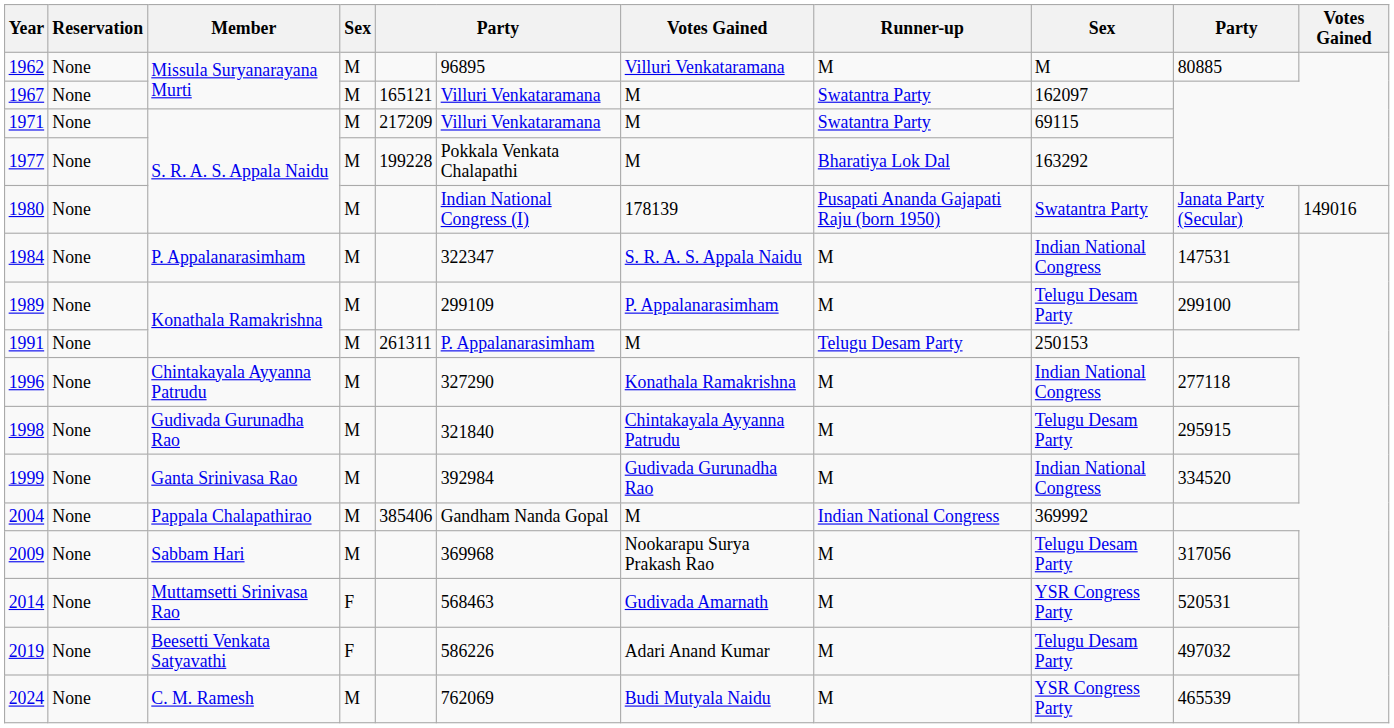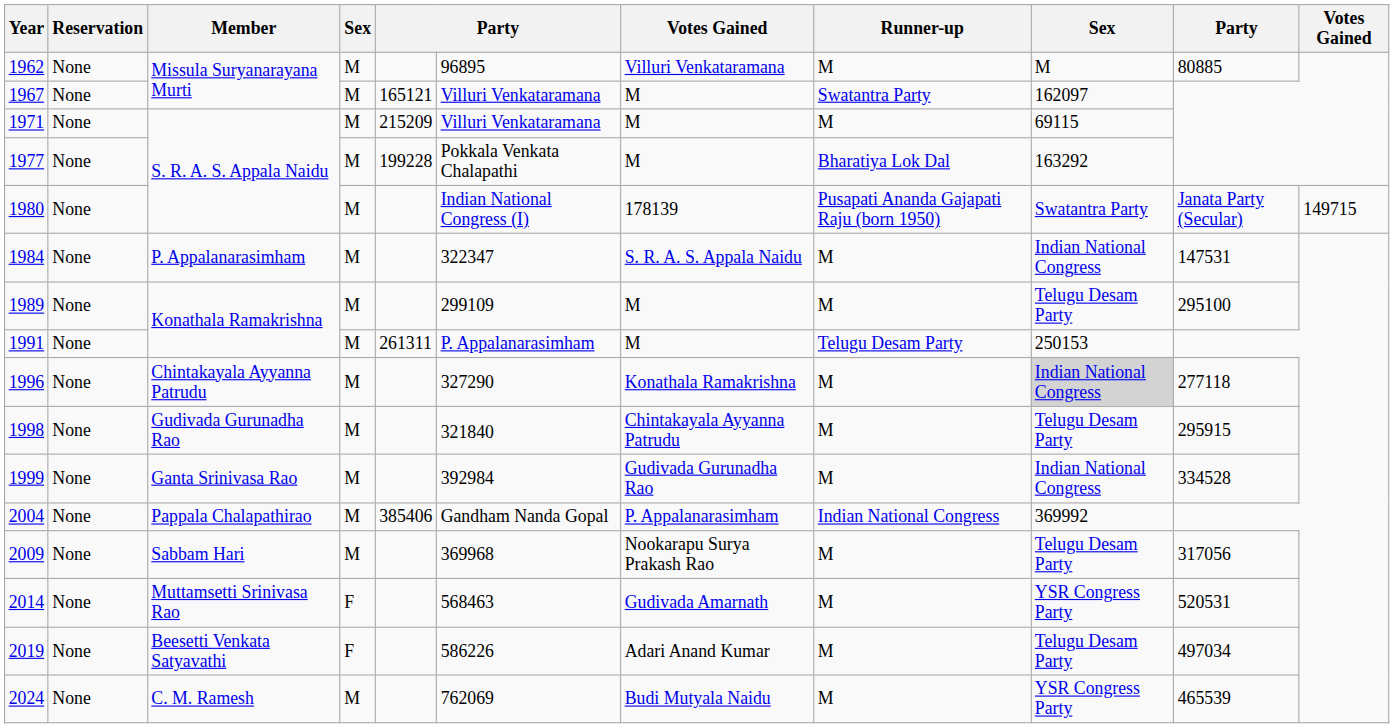 <table class="wikitable">
 <tr>
 <th>Year</th>
 <th>Reservation</th>
 <th>Member</th>
 <th>Sex</th>
 <th colspan="2">Party</th>
 <th>Votes Gained</th>
 <th>Runner-up</th>
 <th>Sex</th>
 <th>Party</th>
 <th>Votes Gained</th>
 </tr>
 <tr>
 <td><a href='#'>1962</a></td>
 <td>None</td>
 <td rowspan="2"><a href='#'>Missula Suryanarayana Murti</a></td>
 <td>M</td>
 <td></td>
 <td>96895</td>
 <td><a href='#'>Villuri Venkataramana</a></td>
 <td>M</td>
 <td>M</td>
 <td>80885</td>
 </tr>
 <tr>
 <td><a href='#'>1967</a></td>
 <td>None</td>
 <td>M</td>
 <td>165121</td>
 <td><a href='#'>Villuri Venkataramana</a></td>
 <td>M</td>
 <td><a href='#'>Swatantra Party</a></td>
 <td>162097</td>
 </tr>
 <tr>
 <td><a href='#'>1971</a></td>
 <td>None</td>
 <td rowspan="3"><a href='#'>S. R. A. S. Appala Naidu</a></td>
 <td>M</td>
-<td>217209</td>
+<td>215209</td>
 <td><a href='#'>Villuri Venkataramana</a></td>
 <td>M</td>
-<td><a href='#'>Swatantra Party</a></td>
+<td>M</td>
 <td>69115</td>
 </tr>
 <tr>
 <td><a href='#'>1977</a></td>
 <td>None</td>
 <td>M</td>
 <td>199228</td>
 <td>Pokkala Venkata Chalapathi</td>
 <td>M</td>
 <td><a href='#'>Bharatiya Lok Dal</a></td>
 <td>163292</td>
 </tr>
 <tr>
 <td><a href='#'>1980</a></td>
 <td>None</td>
 <td>M</td>
 <td style="background-color: "></td>
 <td><a href='#'>Indian National Congress (I)</a></td>
 <td>178139</td>
 <td><a href='#'>Pusapati Ananda Gajapati Raju (born 1950)</a></td>
 <td><a href='#'>Swatantra Party</a></td>
 <td><a href='#'>Janata Party (Secular)</a></td>
-<td>149016</td>
+<td>149715</td>
 </tr>
 <tr>
 <td><a href='#'>1984</a></td>
 <td>None</td>
 <td><a href='#'>P. Appalanarasimham</a></td>
 <td>M</td>
 <td></td>
 <td>322347</td>
 <td><a href='#'>S. R. A. S. Appala Naidu</a></td>
 <td>M</td>
 <td><a href='#'>Indian National Congress</a></td>
 <td>147531</td>
 </tr>
 <tr>
 <td><a href='#'>1989</a></td>
 <td>None</td>
 <td rowspan="2"><a href='#'>Konathala Ramakrishna</a></td>
 <td>M</td>
 <td></td>
 <td>299109</td>
-<td><a href='#'>P. Appalanarasimham</a></td>
+<td>M</td>
 <td>M</td>
 <td><a href='#'>Telugu Desam Party</a></td>
-<td>299100</td>
+<td>295100</td>
 </tr>
 <tr>
 <td><a href='#'>1991</a></td>
 <td>None</td>
 <td>M</td>
 <td>261311</td>
 <td><a href='#'>P. Appalanarasimham</a></td>
 <td>M</td>
 <td><a href='#'>Telugu Desam Party</a></td>
 <td>250153</td>
 </tr>
 <tr>
 <td><a href='#'>1996</a></td>
 <td>None</td>
 <td><a href='#'>Chintakayala Ayyanna Patrudu</a></td>
 <td>M</td>
 <td></td>
 <td>327290</td>
 <td><a href='#'>Konathala Ramakrishna</a></td>
 <td>M</td>
-<td><a href='#'>Indian National Congress</a></td>
+<td style="background: lightgrey;"><a href='#'>Indian National Congress</a></td>
 <td>277118</td>
 </tr>
 <tr>
 <td><a href='#'>1998</a></td>
 <td>None</td>
 <td><a href='#'>Gudivada Gurunadha Rao</a></td>
 <td>M</td>
 <td></td>
 <td>321840<sup></sup></td>
 <td><a href='#'>Chintakayala Ayyanna Patrudu</a></td>
 <td>M</td>
 <td><a href='#'>Telugu Desam Party</a></td>
 <td>295915</td>
 </tr>
 <tr>
 <td><a href='#'>1999</a></td>
 <td>None</td>
 <td><a href='#'>Ganta Srinivasa Rao</a></td>
 <td>M</td>
 <td></td>
 <td>392984</td>
 <td><a href='#'>Gudivada Gurunadha Rao</a></td>
 <td>M</td>
 <td><a href='#'>Indian National Congress</a></td>
-<td>334520</td>
+<td>334528</td>
 </tr>
 <tr>
 <td><a href='#'>2004</a></td>
 <td>None</td>
 <td><a href='#'>Pappala Chalapathirao</a></td>
 <td>M</td>
 <td>385406</td>
 <td>Gandham Nanda Gopal</td>
-<td>M</td>
+<td><a href='#'>P. Appalanarasimham</a></td>
 <td><a href='#'>Indian National Congress</a></td>
 <td>369992</td>
 </tr>
 <tr>
 <td><a href='#'>2009</a></td>
 <td>None</td>
 <td><a href='#'>Sabbam Hari</a></td>
 <td>M</td>
 <td></td>
 <td>369968</td>
 <td>Nookarapu Surya Prakash Rao</td>
 <td>M</td>
 <td><a href='#'>Telugu Desam Party</a></td>
 <td>317056</td>
 </tr>
 <tr>
 <td><a href='#'>2014</a></td>
 <td>None</td>
 <td><a href='#'>Muttamsetti Srinivasa Rao</a></td>
 <td>F</td>
 <td></td>
 <td>568463</td>
 <td><a href='#'>Gudivada Amarnath</a></td>
 <td>M</td>
 <td><a href='#'>YSR Congress Party</a></td>
 <td>520531</td>
 </tr>
 <tr>
 <td><a href='#'>2019</a></td>
 <td>None</td>
 <td><a href='#'>Beesetti Venkata Satyavathi</a></td>
 <td>F</td>
 <td></td>
 <td>586226</td>
 <td>Adari Anand Kumar</td>
 <td>M</td>
 <td><a href='#'>Telugu Desam Party</a></td>
-<td>497032</td>
+<td>497034</td>
 </tr>
 <tr>
 <td><a href='#'>2024</a></td>
 <td>None</td>
 <td><a href='#'>C. M. Ramesh</a></td>
 <td>M</td>
 <td></td>
 <td>762069</td>
 <td><a href='#'>Budi Mutyala Naidu</a></td>
 <td>M</td>
 <td><a href='#'>YSR Congress Party</a></td>
 <td>465539</td>
 </tr>
 </table>
